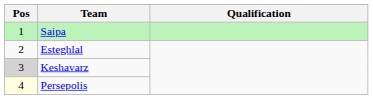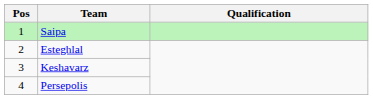 <table class="wikitable" style="text-align:left">
 <tr>
 <th width=40 align=center>Pos</th>
 <th width=150 align=center>Team</th>
 <th width=300 align=center>Qualification</th>
 </tr>
 <tr bgcolor=#BBF3BB>
 <td align=center>1</td>
 <td><a href='#'>Saipa</a></td>
 <td></td>
 </tr>
 <tr>
 <td align=center>2</td>
 <td><a href='#'>Esteghlal</a></td>
 <td rowspan=3></td>
 </tr>
 <tr>
-<td align=center style="background: lightgrey;">3</td>
+<td align=center>3</td>
 <td><a href='#'>Keshavarz</a></td>
 </tr>
 <tr>
-<td align=center style="background: lightyellow;">4</td>
+<td align=center>4</td>
 <td><a href='#'>Persepolis</a></td>
 </tr>
 </table>
